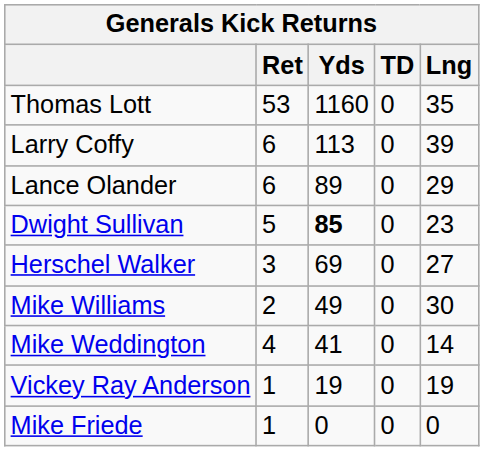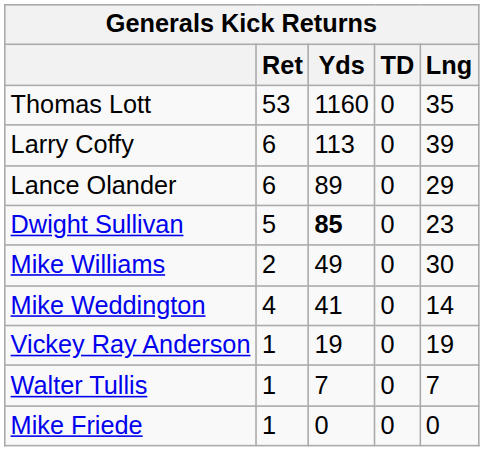 <table class="wikitable">
 <tr>
 <th colspan="5">Generals Kick Returns</th>
 </tr>
 <tr>
 <th></th>
 <th>Ret</th>
 <th>Yds</th>
 <th>TD</th>
 <th>Lng</th>
 </tr>
 <tr>
 <td>Thomas Lott</td>
 <td>53</td>
 <td>1160</td>
 <td>0</td>
 <td>35</td>
 </tr>
 <tr>
 <td>Larry Coffy</td>
 <td>6</td>
 <td>113</td>
 <td>0</td>
 <td>39</td>
 </tr>
 <tr>
 <td>Lance Olander</td>
 <td>6</td>
 <td>89</td>
 <td>0</td>
 <td>29</td>
 </tr>
 <tr>
 <td><a href='#'>Dwight Sullivan</a></td>
 <td>5</td>
 <td><strong>85</strong></td>
 <td>0</td>
 <td>23</td>
 </tr>
 <tr>
-<td><a href='#'>Herschel Walker</a></td>
-<td>3</td>
-<td>69</td>
-<td>0</td>
-<td>27</td>
-</tr>
-<tr>
 <td><a href='#'>Mike Williams</a></td>
 <td>2</td>
 <td>49</td>
 <td>0</td>
 <td>30</td>
 </tr>
 <tr>
 <td><a href='#'>Mike Weddington</a></td>
 <td>4</td>
 <td>41</td>
 <td>0</td>
 <td>14</td>
 </tr>
 <tr>
 <td><a href='#'>Vickey Ray Anderson</a></td>
 <td>1</td>
 <td>19</td>
 <td>0</td>
 <td>19</td>
 </tr>
 <tr>
+<td><a href='#'>Walter Tullis</a></td>
+<td>1</td>
+<td>7</td>
+<td>0</td>
+<td>7</td>
+</tr>
+<tr>
 <td><a href='#'>Mike Friede</a></td>
 <td>1</td>
 <td>0</td>
 <td>0</td>
 <td>0</td>
 </tr>
 </table>
